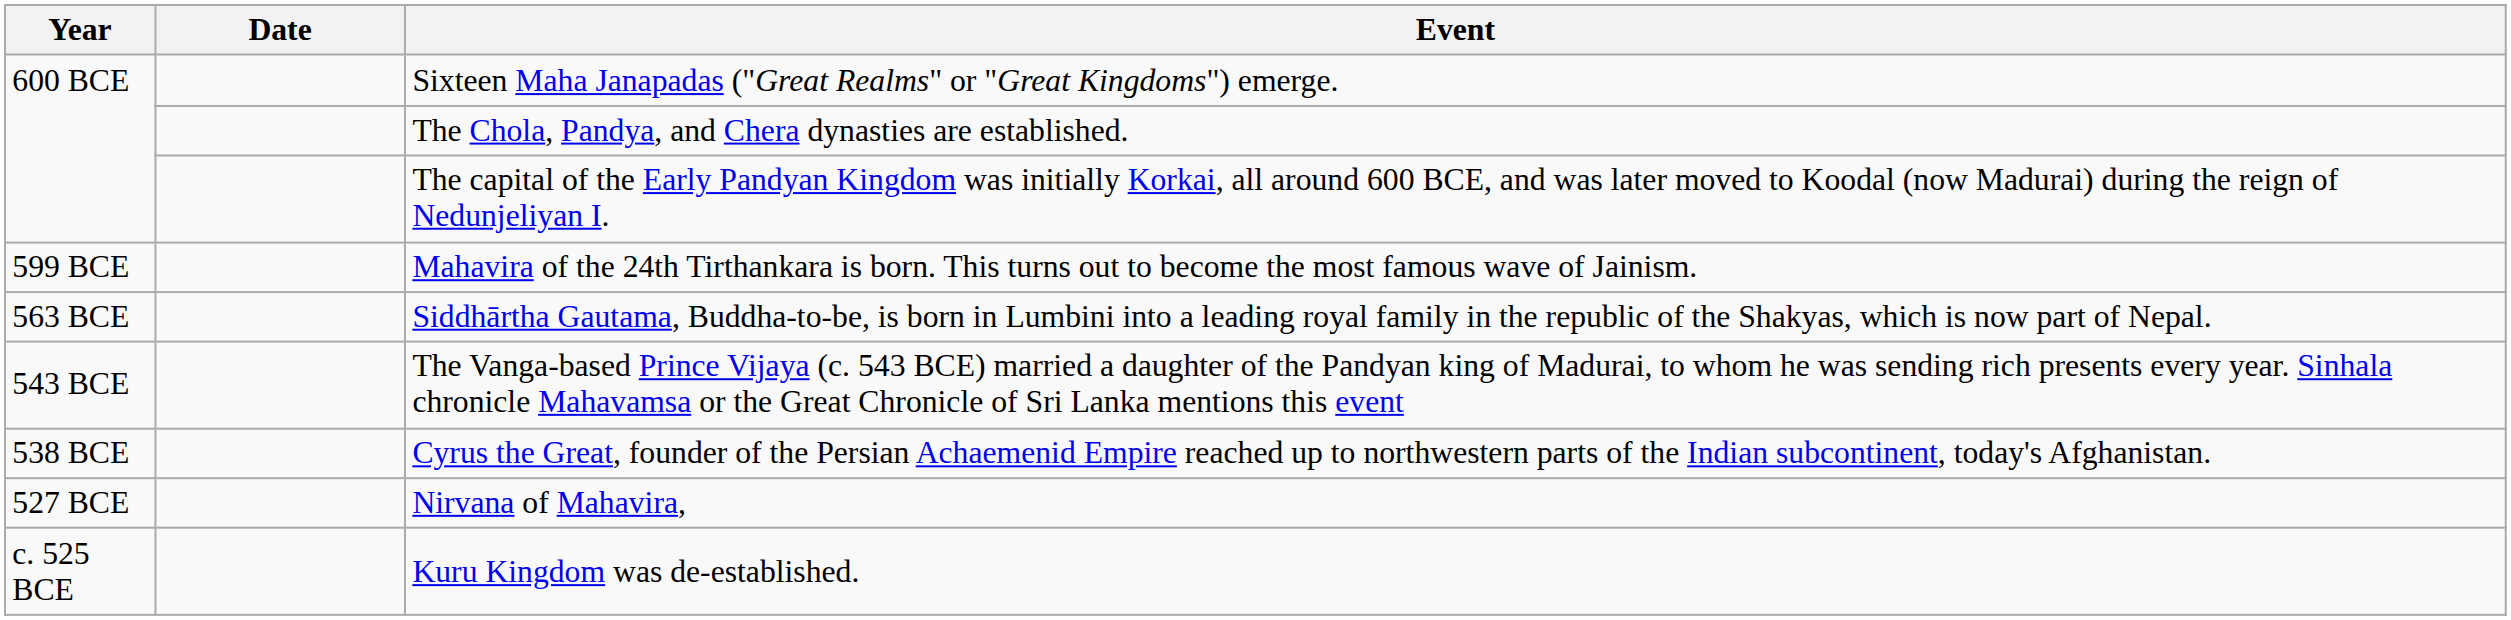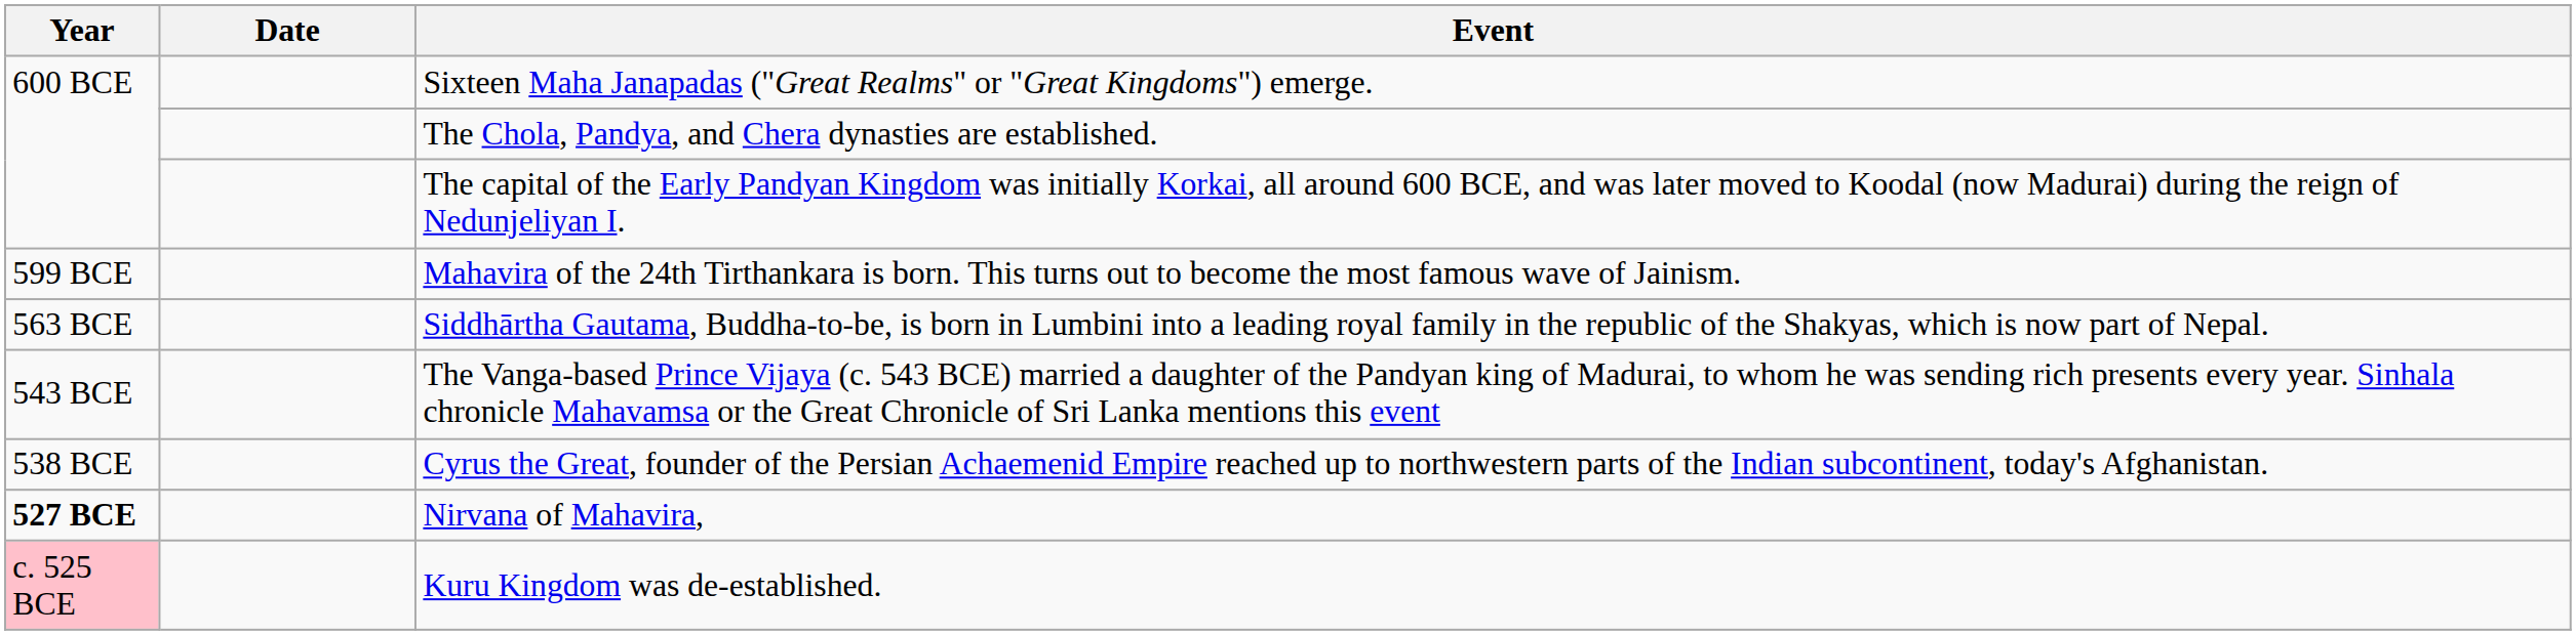 <table class="wikitable" style="width:100%">
 <tr>
 <th style="width:6%">Year</th>
 <th style="width:10%">Date</th>
 <th>Event</th>
 </tr>
 <tr>
 <td rowspan="3" style="vertical-align:top;">600 BCE</td>
 <td></td>
 <td>Sixteen <a href='#'>Maha Janapadas</a> ("<em>Great Realms</em>" or "<em>Great Kingdoms</em>") emerge.</td>
 </tr>
 <tr>
 <td></td>
 <td>The <a href='#'>Chola</a>, <a href='#'>Pandya</a>, and <a href='#'>Chera</a> dynasties are established.</td>
 </tr>
 <tr>
 <td></td>
 <td>The capital of the <a href='#'>Early Pandyan Kingdom</a> was initially <a href='#'>Korkai</a>, all around 600 BCE, and was later moved to Koodal (now Madurai) during the reign of <a href='#'>Nedunjeliyan I</a>.</td>
 </tr>
 <tr>
 <td>599 BCE</td>
 <td></td>
 <td><a href='#'>Mahavira</a> of the 24th Tirthankara is born. This turns out to become the most famous wave of Jainism.</td>
 </tr>
 <tr>
 <td>563 BCE</td>
 <td></td>
 <td><a href='#'>Siddhārtha Gautama</a>, Buddha-to-be, is born in Lumbini into a leading royal family in the republic of the Shakyas, which is now part of Nepal.</td>
 </tr>
 <tr>
 <td>543 BCE</td>
 <td></td>
 <td>The Vanga-based <a href='#'>Prince Vijaya</a> (c. 543 BCE) married a daughter of the Pandyan king of Madurai, to whom he was sending rich presents every year. <a href='#'>Sinhala</a> chronicle <a href='#'>Mahavamsa</a> or the Great Chronicle of Sri Lanka mentions this <a href='#'>event</a></td>
 </tr>
 <tr>
 <td>538 BCE</td>
 <td></td>
 <td><a href='#'>Cyrus the Great</a>, founder of the Persian <a href='#'>Achaemenid Empire</a> reached up to northwestern parts of the <a href='#'>Indian subcontinent</a>, today's Afghanistan.</td>
 </tr>
 <tr>
-<td>527 BCE</td>
+<td><strong>527 BCE</strong></td>
 <td></td>
 <td><a href='#'>Nirvana</a> of <a href='#'>Mahavira</a>,</td>
 </tr>
 <tr>
-<td>c. 525 BCE</td>
+<td style="background: pink;">c. 525 BCE</td>
 <td></td>
 <td><a href='#'>Kuru Kingdom</a> was de-established.</td>
 </tr>
 </table>
